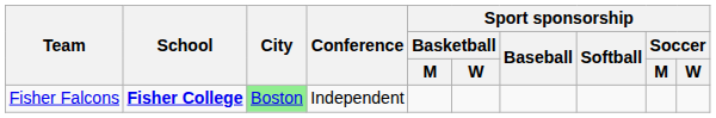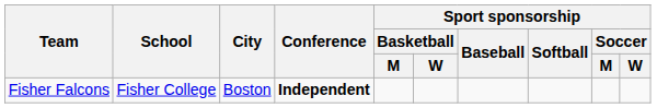 <table class="sortable wikitable">
 <tr>
 <th rowspan=3>Team</th>
 <th rowspan=3>School</th>
 <th rowspan=3>City</th>
 <th rowspan=3>Conference</th>
 <th colspan=6>Sport sponsorship</th>
 </tr>
 <tr>
 <th colspan=2>Basketball</th>
 <th rowspan=2>Baseball</th>
 <th rowspan=2>Softball</th>
 <th colspan=2>Soccer</th>
 </tr>
 <tr>
 <th>M</th>
 <th>W</th>
 <th>M</th>
 <th>W</th>
 </tr>
 <tr>
 <td><a href='#'>Fisher Falcons</a></td>
-<td><strong><a href='#'>Fisher College</a></strong></td>
-<td style="background: lightgreen;"><a href='#'>Boston</a></td>
-<td>Independent</td>
+<td><a href='#'>Fisher College</a></td>
+<td><a href='#'>Boston</a></td>
+<td><strong>Independent</strong></td>
 <td></td>
 <td></td>
 <td></td>
 <td></td>
 <td></td>
 <td></td>
 </tr>
 </table>
